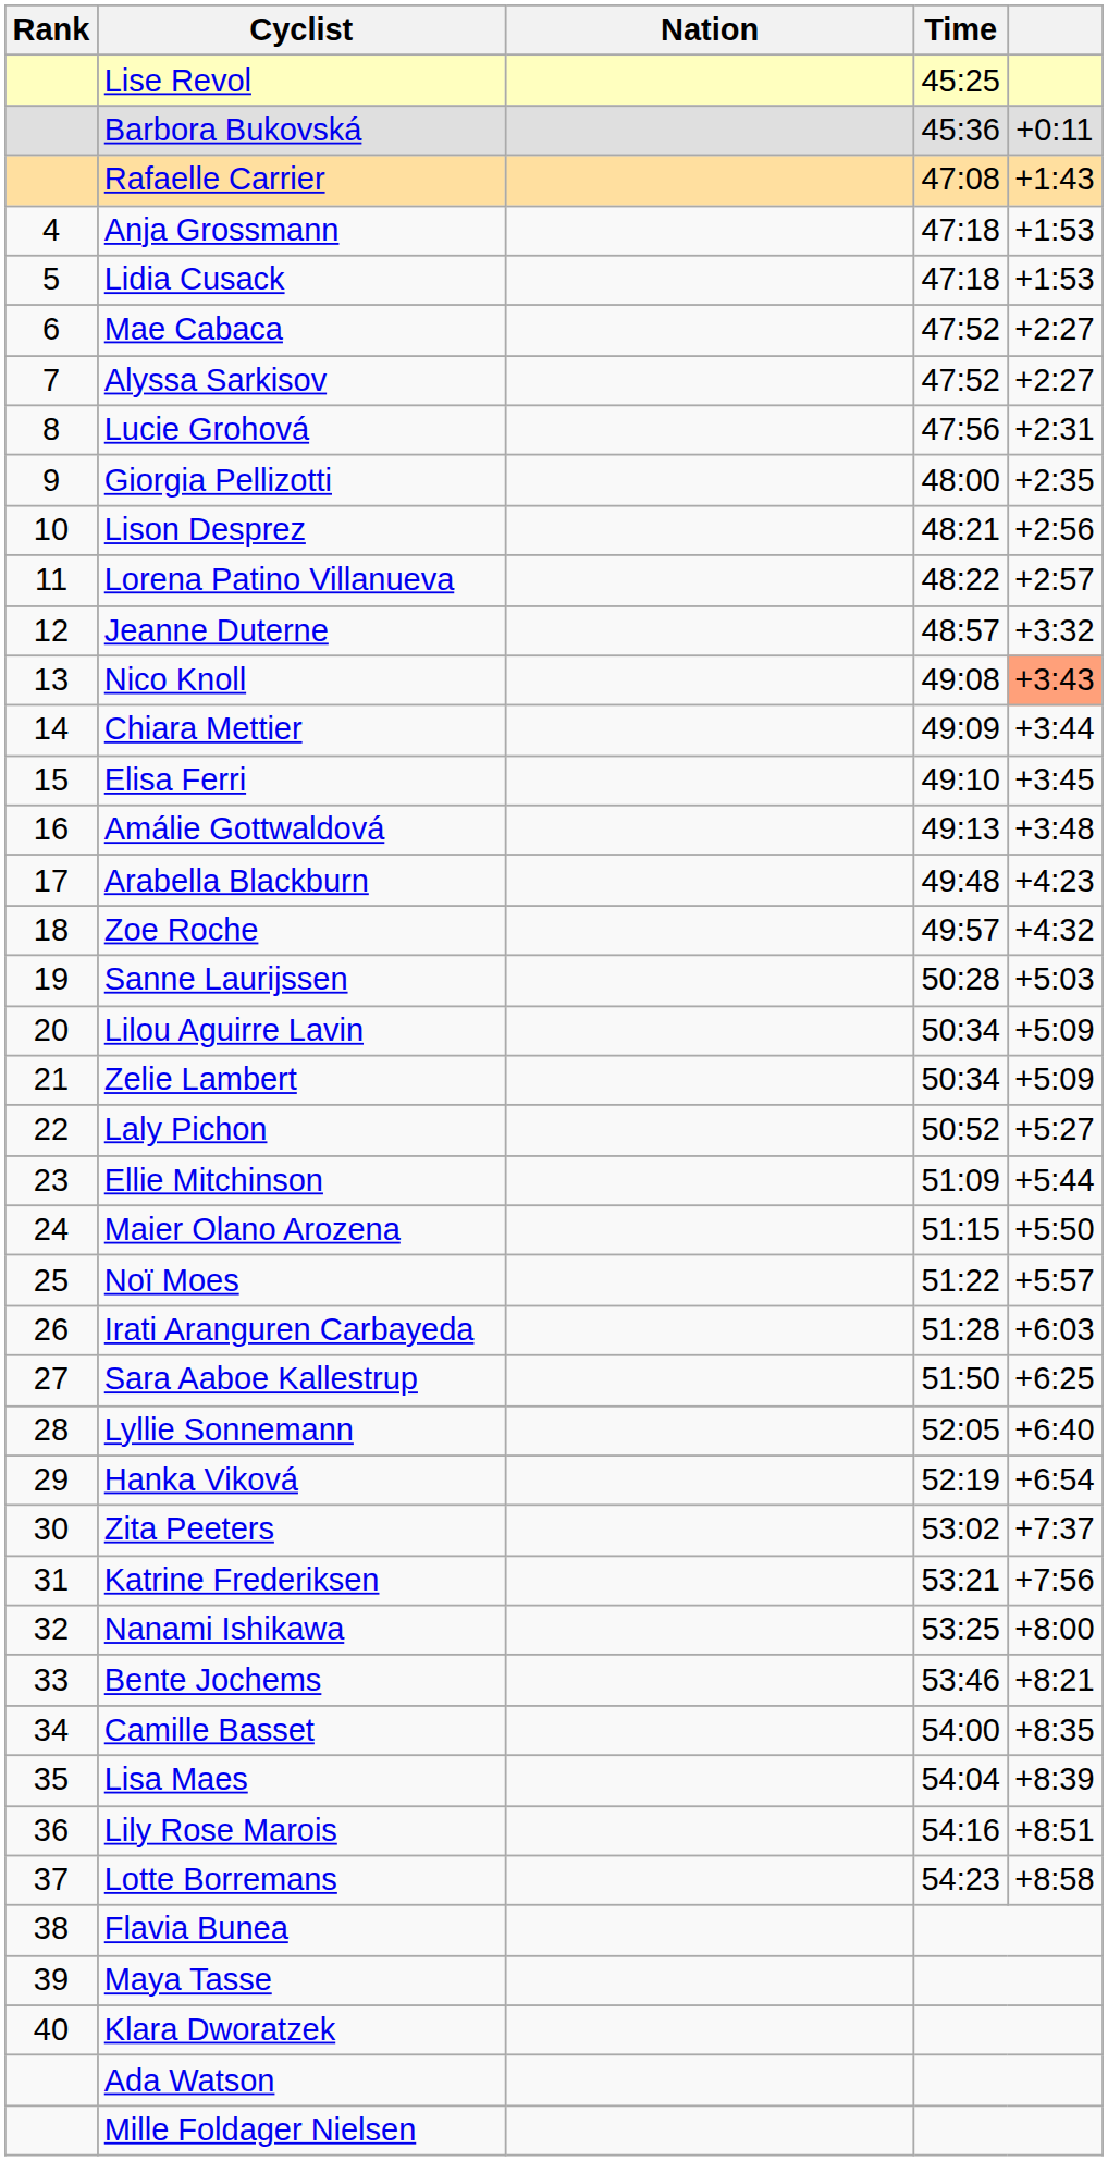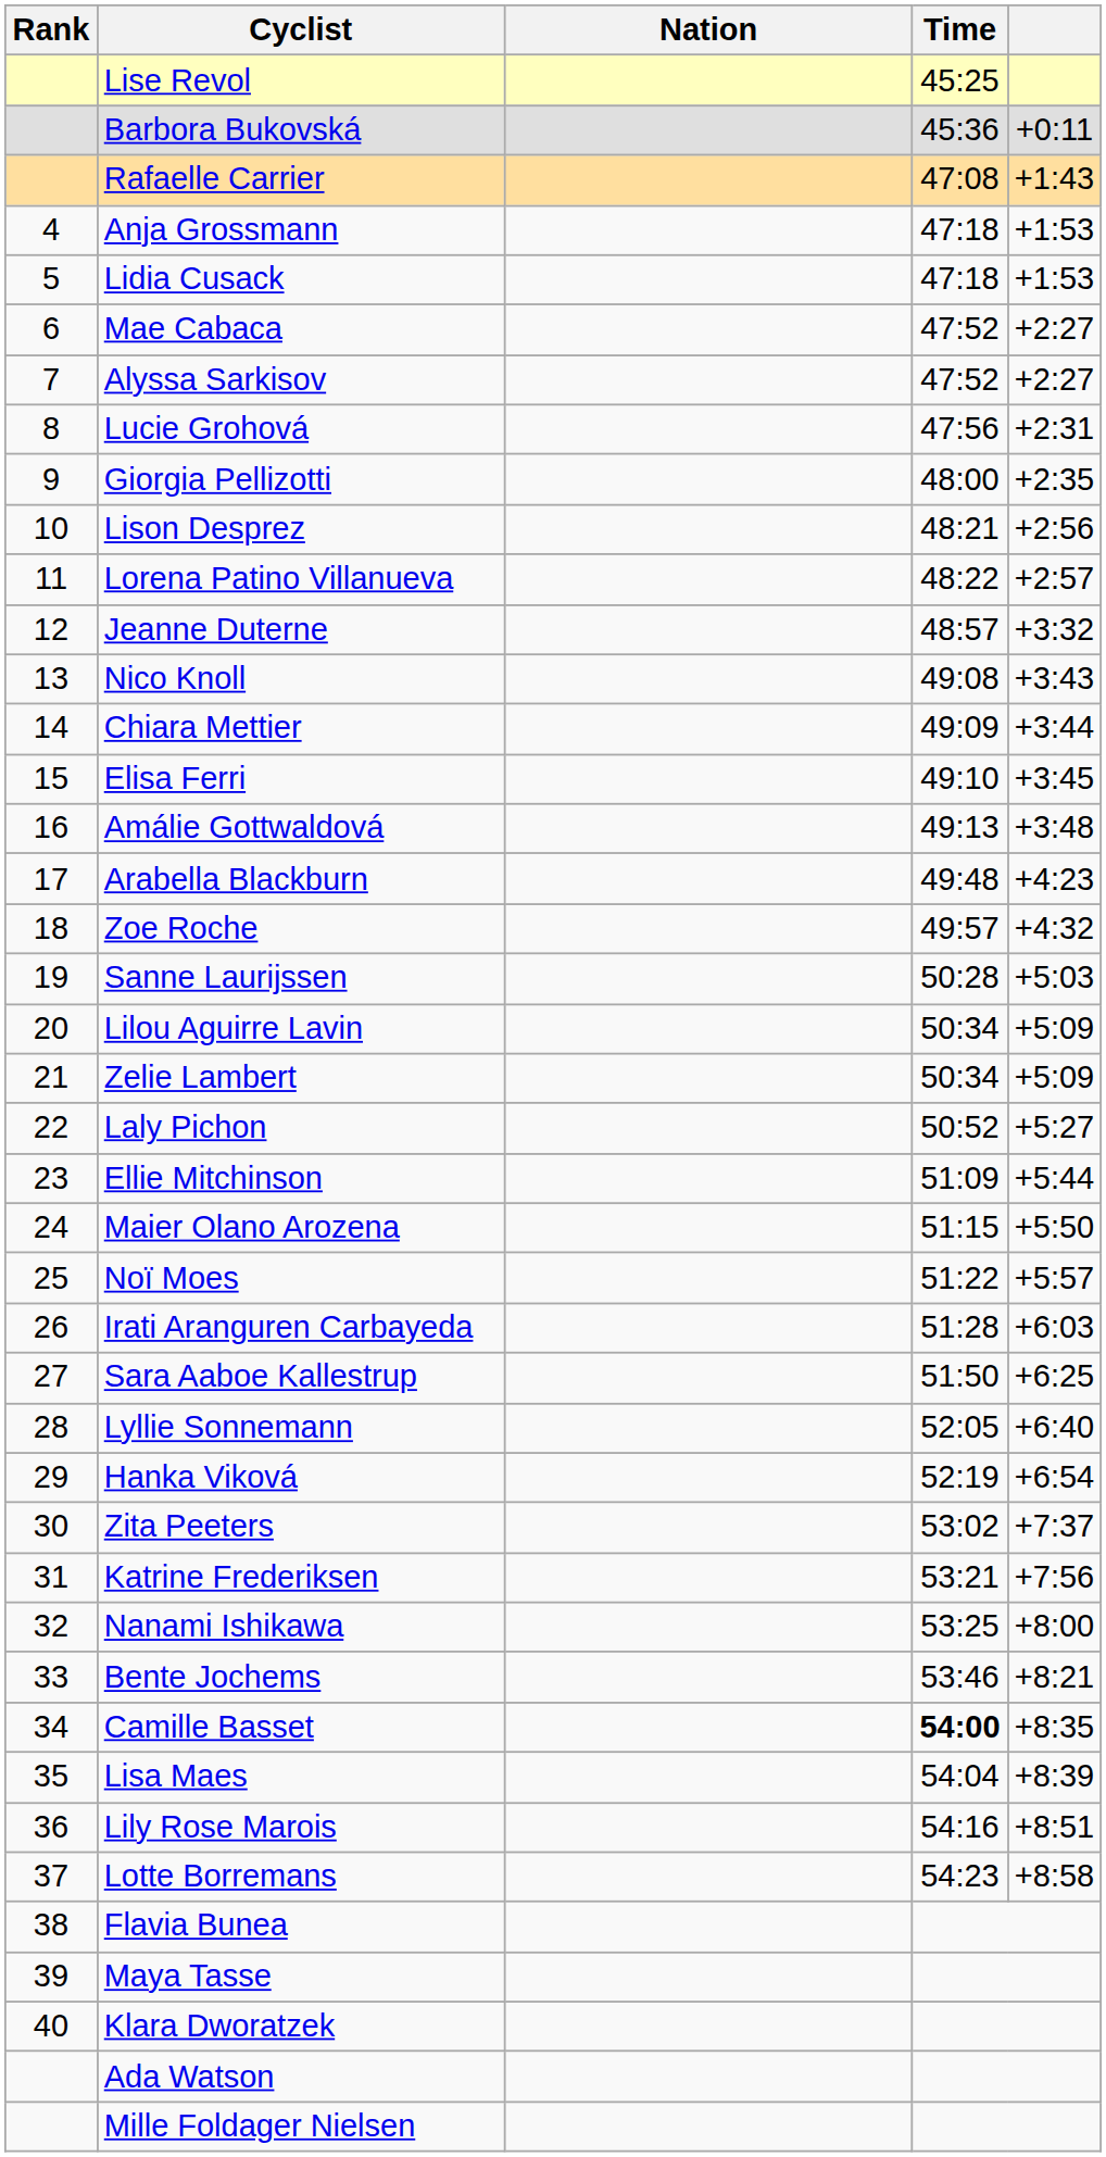 <table class="wikitable sortable" style="text-align:center">
 <tr style="background:#efefef;">
 <th width="30">Rank</th>
 <th width="200">Cyclist</th>
 <th width="200">Nation</th>
 <th width="40">Time</th>
 <th width="40"></th>
 </tr>
 <tr style="background:#FFFFBF;">
 <td></td>
 <td align="left"><a href='#'>Lise Revol</a></td>
 <td align="left"></td>
 <td>45:25</td>
 <td></td>
 </tr>
 <tr style="background:#DFDFDF;">
 <td></td>
 <td align="left"><a href='#'>Barbora Bukovská</a></td>
 <td align="left"></td>
 <td>45:36</td>
 <td>+0:11</td>
 </tr>
 <tr style="background:#FFDF9F;">
 <td></td>
 <td align="left"><a href='#'>Rafaelle Carrier</a></td>
 <td align="left"></td>
 <td>47:08</td>
 <td>+1:43</td>
 </tr>
 <tr>
 <td>4</td>
 <td align="left"><a href='#'>Anja Grossmann</a></td>
 <td align="left"></td>
 <td>47:18</td>
 <td>+1:53</td>
 </tr>
 <tr>
 <td>5</td>
 <td align="left"><a href='#'>Lidia Cusack</a></td>
 <td align="left"></td>
 <td>47:18</td>
 <td>+1:53</td>
 </tr>
 <tr>
 <td>6</td>
 <td align="left"><a href='#'>Mae Cabaca</a></td>
 <td align="left"></td>
 <td>47:52</td>
 <td>+2:27</td>
 </tr>
 <tr>
 <td>7</td>
 <td align="left"><a href='#'>Alyssa Sarkisov</a></td>
 <td align="left"></td>
 <td>47:52</td>
 <td>+2:27</td>
 </tr>
 <tr>
 <td>8</td>
 <td align="left"><a href='#'>Lucie Grohová</a></td>
 <td align="left"></td>
 <td>47:56</td>
 <td>+2:31</td>
 </tr>
 <tr>
 <td>9</td>
 <td align="left"><a href='#'>Giorgia Pellizotti</a></td>
 <td align="left"></td>
 <td>48:00</td>
 <td>+2:35</td>
 </tr>
 <tr>
 <td>10</td>
 <td align="left"><a href='#'>Lison Desprez</a></td>
 <td align="left"></td>
 <td>48:21</td>
 <td>+2:56</td>
 </tr>
 <tr>
 <td>11</td>
 <td align="left"><a href='#'>Lorena Patino Villanueva</a></td>
 <td align="left"></td>
 <td>48:22</td>
 <td>+2:57</td>
 </tr>
 <tr>
 <td>12</td>
 <td align="left"><a href='#'>Jeanne Duterne</a></td>
 <td align="left"></td>
 <td>48:57</td>
 <td>+3:32</td>
 </tr>
 <tr>
 <td>13</td>
 <td align="left"><a href='#'>Nico Knoll</a></td>
 <td align="left"></td>
 <td>49:08</td>
-<td style="background: lightsalmon;">+3:43</td>
+<td>+3:43</td>
 </tr>
 <tr>
 <td>14</td>
 <td align="left"><a href='#'>Chiara Mettier</a></td>
 <td align="left"></td>
 <td>49:09</td>
 <td>+3:44</td>
 </tr>
 <tr>
 <td>15</td>
 <td align="left"><a href='#'>Elisa Ferri</a></td>
 <td align="left"></td>
 <td>49:10</td>
 <td>+3:45</td>
 </tr>
 <tr>
 <td>16</td>
 <td align="left"><a href='#'>Amálie Gottwaldová</a></td>
 <td align="left"></td>
 <td>49:13</td>
 <td>+3:48</td>
 </tr>
 <tr>
 <td>17</td>
 <td align="left"><a href='#'>Arabella Blackburn</a></td>
 <td align="left"></td>
 <td>49:48</td>
 <td>+4:23</td>
 </tr>
 <tr>
 <td>18</td>
 <td align="left"><a href='#'>Zoe Roche</a></td>
 <td align="left"></td>
 <td>49:57</td>
 <td>+4:32</td>
 </tr>
 <tr>
 <td>19</td>
 <td align="left"><a href='#'>Sanne Laurijssen</a></td>
 <td align="left"></td>
 <td>50:28</td>
 <td>+5:03</td>
 </tr>
 <tr>
 <td>20</td>
 <td align="left"><a href='#'>Lilou Aguirre Lavin</a></td>
 <td align="left"></td>
 <td>50:34</td>
 <td>+5:09</td>
 </tr>
 <tr>
 <td>21</td>
 <td align="left"><a href='#'>Zelie Lambert</a></td>
 <td align="left"></td>
 <td>50:34</td>
 <td>+5:09</td>
 </tr>
 <tr>
 <td>22</td>
 <td align="left"><a href='#'>Laly Pichon</a></td>
 <td align="left"></td>
 <td>50:52</td>
 <td>+5:27</td>
 </tr>
 <tr>
 <td>23</td>
 <td align="left"><a href='#'>Ellie Mitchinson</a></td>
 <td align="left"></td>
 <td>51:09</td>
 <td>+5:44</td>
 </tr>
 <tr>
 <td>24</td>
 <td align="left"><a href='#'>Maier Olano Arozena</a></td>
 <td align="left"></td>
 <td>51:15</td>
 <td>+5:50</td>
 </tr>
 <tr>
 <td>25</td>
 <td align="left"><a href='#'>Noï Moes</a></td>
 <td align="left"></td>
 <td>51:22</td>
 <td>+5:57</td>
 </tr>
 <tr>
 <td>26</td>
 <td align="left"><a href='#'>Irati Aranguren Carbayeda</a></td>
 <td align="left"></td>
 <td>51:28</td>
 <td>+6:03</td>
 </tr>
 <tr>
 <td>27</td>
 <td align="left"><a href='#'>Sara Aaboe Kallestrup</a></td>
 <td align="left"></td>
 <td>51:50</td>
 <td>+6:25</td>
 </tr>
 <tr>
 <td>28</td>
 <td align="left"><a href='#'>Lyllie Sonnemann</a></td>
 <td align="left"></td>
 <td>52:05</td>
 <td>+6:40</td>
 </tr>
 <tr>
 <td>29</td>
 <td align="left"><a href='#'>Hanka Viková</a></td>
 <td align="left"></td>
 <td>52:19</td>
 <td>+6:54</td>
 </tr>
 <tr>
 <td>30</td>
 <td align="left"><a href='#'>Zita Peeters</a></td>
 <td align="left"></td>
 <td>53:02</td>
 <td>+7:37</td>
 </tr>
 <tr>
 <td>31</td>
 <td align="left"><a href='#'>Katrine Frederiksen</a></td>
 <td align="left"></td>
 <td>53:21</td>
 <td>+7:56</td>
 </tr>
 <tr>
 <td>32</td>
 <td align="left"><a href='#'>Nanami Ishikawa</a></td>
 <td align="left"></td>
 <td>53:25</td>
 <td>+8:00</td>
 </tr>
 <tr>
 <td>33</td>
 <td align="left"><a href='#'>Bente Jochems</a></td>
 <td align="left"></td>
 <td>53:46</td>
 <td>+8:21</td>
 </tr>
 <tr>
 <td>34</td>
 <td align="left"><a href='#'>Camille Basset</a></td>
 <td align="left"></td>
-<td>54:00</td>
+<td><strong>54:00</strong></td>
 <td>+8:35</td>
 </tr>
 <tr>
 <td>35</td>
 <td align="left"><a href='#'>Lisa Maes</a></td>
 <td align="left"></td>
 <td>54:04</td>
 <td>+8:39</td>
 </tr>
 <tr>
 <td>36</td>
 <td align="left"><a href='#'>Lily Rose Marois</a></td>
 <td align="left"></td>
 <td>54:16</td>
 <td>+8:51</td>
 </tr>
 <tr>
 <td>37</td>
 <td align="left"><a href='#'>Lotte Borremans</a></td>
 <td align="left"></td>
 <td>54:23</td>
 <td>+8:58</td>
 </tr>
 <tr>
 <td>38</td>
 <td align="left"><a href='#'>Flavia Bunea</a></td>
 <td align="left"></td>
 <td colspan="2"></td>
 </tr>
 <tr>
 <td>39</td>
 <td align="left"><a href='#'>Maya Tasse</a></td>
 <td align="left"></td>
 <td colspan="2"></td>
 </tr>
 <tr>
 <td>40</td>
 <td align="left"><a href='#'>Klara Dworatzek</a></td>
 <td align="left"></td>
 <td colspan="2"></td>
 </tr>
 <tr>
 <td></td>
 <td align="left"><a href='#'> Ada Watson</a></td>
 <td align="left"></td>
 <td colspan="2"></td>
 </tr>
 <tr>
 <td></td>
 <td align="left"><a href='#'>Mille Foldager Nielsen</a></td>
 <td align="left"></td>
 <td colspan="2"></td>
 </tr>
 </table>
